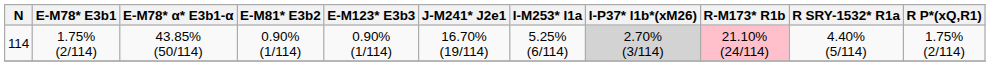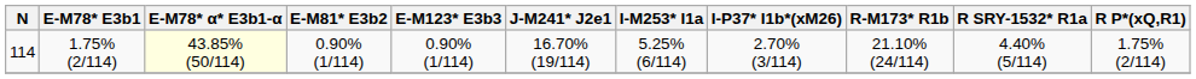 <table class="wikitable sortable" style="text-align:center; font-size: 70%;">
 <tr>
 <th>N</th>
 <th>E-M78* E3b1</th>
 <th>E-M78* α* E3b1-α</th>
 <th>E-M81* E3b2</th>
 <th>E-M123* E3b3</th>
 <th>J-M241* J2e1</th>
 <th>I-M253* I1a</th>
 <th>I-P37* I1b*(xM26)</th>
 <th>R-M173* R1b</th>
 <th>R SRY-1532* R1a</th>
 <th>R P*(xQ,R1)</th>
 </tr>
 <tr>
 <td>114</td>
 <td>1.75%<br>(2/114)</td>
-<td>43.85%<br>(50/114)</td>
+<td style="background: lightyellow;">43.85%<br>(50/114)</td>
 <td>0.90%<br>(1/114)</td>
 <td>0.90%<br>(1/114)</td>
 <td>16.70%<br>(19/114)</td>
 <td>5.25%<br>(6/114)</td>
-<td style="background: lightgrey;">2.70%<br>(3/114)</td>
-<td style="background: pink;">21.10%<br>(24/114)</td>
+<td>2.70%<br>(3/114)</td>
+<td>21.10%<br>(24/114)</td>
 <td>4.40%<br>(5/114)</td>
 <td>1.75%<br>(2/114)</td>
 </tr>
 <tr>
 </tr>
 </table>
